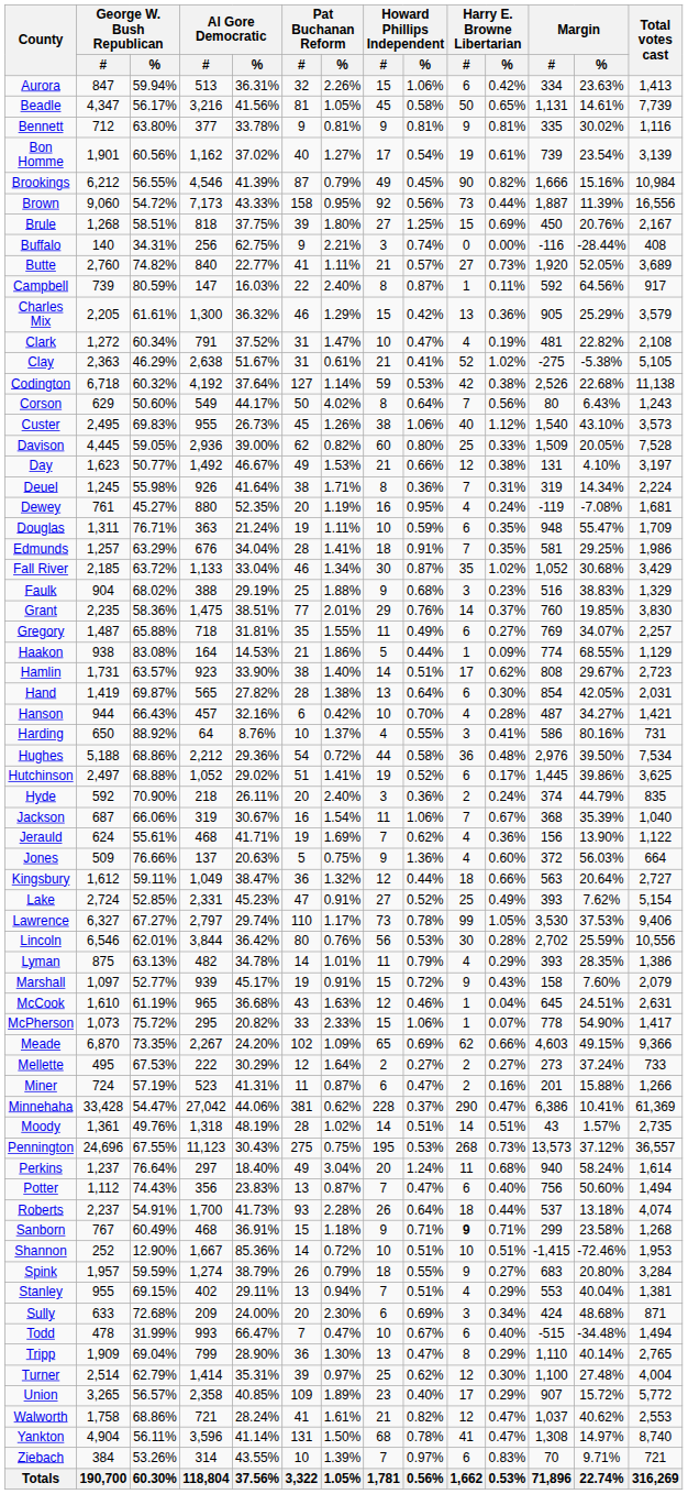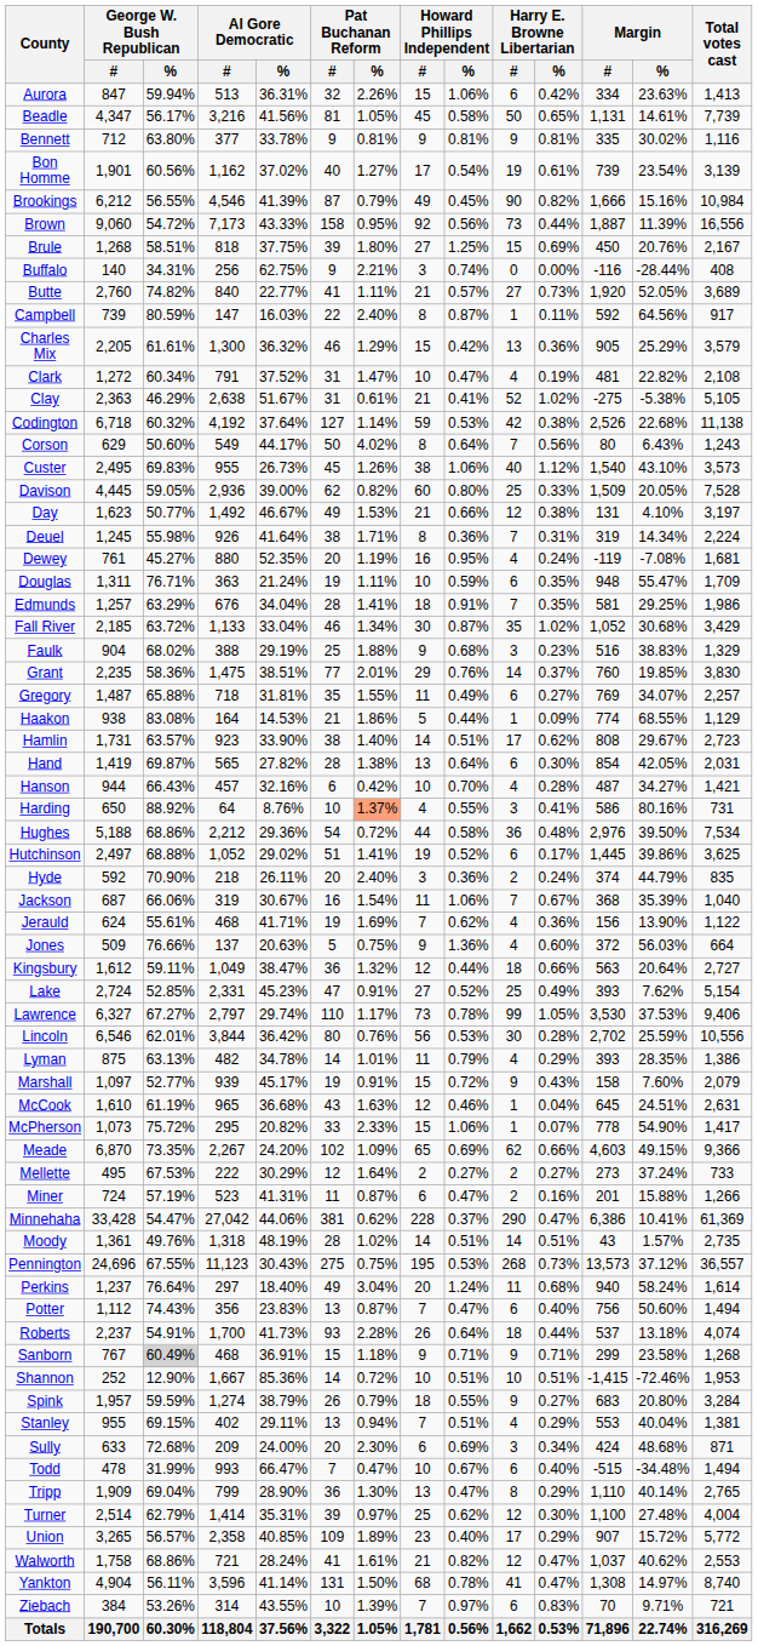 <table width="60%" class="wikitable sortable">
 <tr>
 <th rowspan="2">County</th>
 <th colspan="2">George W. Bush<br>Republican</th>
 <th colspan="2">Al Gore<br>Democratic</th>
 <th colspan="2">Pat Buchanan<br>Reform</th>
 <th colspan="2">Howard Phillips<br>Independent</th>
 <th colspan="2">Harry E. Browne<br>Libertarian</th>
 <th colspan="2">Margin</th>
 <th rowspan="2">Total votes cast</th>
 </tr>
 <tr style="text-align:center;">
 <th data-sort-type="number">#</th>
 <th data-sort-type="number">%</th>
 <th data-sort-type="number">#</th>
 <th data-sort-type="number">%</th>
 <th data-sort-type="number">#</th>
 <th data-sort-type="number">%</th>
 <th data-sort-type="number">#</th>
 <th data-sort-type="number">%</th>
 <th data-sort-type="number">#</th>
 <th data-sort-type="number">%</th>
 <th data-sort-type="number">#</th>
 <th data-sort-type="number">%</th>
 </tr>
 <tr style="text-align:center;">
 <td><a href='#'>Aurora</a></td>
 <td>847</td>
 <td>59.94%</td>
 <td>513</td>
 <td>36.31%</td>
 <td>32</td>
 <td>2.26%</td>
 <td>15</td>
 <td>1.06%</td>
 <td>6</td>
 <td>0.42%</td>
 <td>334</td>
 <td>23.63%</td>
 <td>1,413</td>
 </tr>
 <tr style="text-align:center;">
 <td><a href='#'>Beadle</a></td>
 <td>4,347</td>
 <td>56.17%</td>
 <td>3,216</td>
 <td>41.56%</td>
 <td>81</td>
 <td>1.05%</td>
 <td>45</td>
 <td>0.58%</td>
 <td>50</td>
 <td>0.65%</td>
 <td>1,131</td>
 <td>14.61%</td>
 <td>7,739</td>
 </tr>
 <tr style="text-align:center;">
 <td><a href='#'>Bennett</a></td>
 <td>712</td>
 <td>63.80%</td>
 <td>377</td>
 <td>33.78%</td>
 <td>9</td>
 <td>0.81%</td>
 <td>9</td>
 <td>0.81%</td>
 <td>9</td>
 <td>0.81%</td>
 <td>335</td>
 <td>30.02%</td>
 <td>1,116</td>
 </tr>
 <tr style="text-align:center;">
 <td><a href='#'>Bon Homme</a></td>
 <td>1,901</td>
 <td>60.56%</td>
 <td>1,162</td>
 <td>37.02%</td>
 <td>40</td>
 <td>1.27%</td>
 <td>17</td>
 <td>0.54%</td>
 <td>19</td>
 <td>0.61%</td>
 <td>739</td>
 <td>23.54%</td>
 <td>3,139</td>
 </tr>
 <tr style="text-align:center;">
 <td><a href='#'>Brookings</a></td>
 <td>6,212</td>
 <td>56.55%</td>
 <td>4,546</td>
 <td>41.39%</td>
 <td>87</td>
 <td>0.79%</td>
 <td>49</td>
 <td>0.45%</td>
 <td>90</td>
 <td>0.82%</td>
 <td>1,666</td>
 <td>15.16%</td>
 <td>10,984</td>
 </tr>
 <tr style="text-align:center;">
 <td><a href='#'>Brown</a></td>
 <td>9,060</td>
 <td>54.72%</td>
 <td>7,173</td>
 <td>43.33%</td>
 <td>158</td>
 <td>0.95%</td>
 <td>92</td>
 <td>0.56%</td>
 <td>73</td>
 <td>0.44%</td>
 <td>1,887</td>
 <td>11.39%</td>
 <td>16,556</td>
 </tr>
 <tr style="text-align:center;">
 <td><a href='#'>Brule</a></td>
 <td>1,268</td>
 <td>58.51%</td>
 <td>818</td>
 <td>37.75%</td>
 <td>39</td>
 <td>1.80%</td>
 <td>27</td>
 <td>1.25%</td>
 <td>15</td>
 <td>0.69%</td>
 <td>450</td>
 <td>20.76%</td>
 <td>2,167</td>
 </tr>
 <tr style="text-align:center;">
 <td><a href='#'>Buffalo</a></td>
 <td>140</td>
 <td>34.31%</td>
 <td>256</td>
 <td>62.75%</td>
 <td>9</td>
 <td>2.21%</td>
 <td>3</td>
 <td>0.74%</td>
 <td>0</td>
 <td>0.00%</td>
 <td>-116</td>
 <td>-28.44%</td>
 <td>408</td>
 </tr>
 <tr style="text-align:center;">
 <td><a href='#'>Butte</a></td>
 <td>2,760</td>
 <td>74.82%</td>
 <td>840</td>
 <td>22.77%</td>
 <td>41</td>
 <td>1.11%</td>
 <td>21</td>
 <td>0.57%</td>
 <td>27</td>
 <td>0.73%</td>
 <td>1,920</td>
 <td>52.05%</td>
 <td>3,689</td>
 </tr>
 <tr style="text-align:center;">
 <td><a href='#'>Campbell</a></td>
 <td>739</td>
 <td>80.59%</td>
 <td>147</td>
 <td>16.03%</td>
 <td>22</td>
 <td>2.40%</td>
 <td>8</td>
 <td>0.87%</td>
 <td>1</td>
 <td>0.11%</td>
 <td>592</td>
 <td>64.56%</td>
 <td>917</td>
 </tr>
 <tr style="text-align:center;">
 <td><a href='#'>Charles Mix</a></td>
 <td>2,205</td>
 <td>61.61%</td>
 <td>1,300</td>
 <td>36.32%</td>
 <td>46</td>
 <td>1.29%</td>
 <td>15</td>
 <td>0.42%</td>
 <td>13</td>
 <td>0.36%</td>
 <td>905</td>
 <td>25.29%</td>
 <td>3,579</td>
 </tr>
 <tr style="text-align:center;">
 <td><a href='#'>Clark</a></td>
 <td>1,272</td>
 <td>60.34%</td>
 <td>791</td>
 <td>37.52%</td>
 <td>31</td>
 <td>1.47%</td>
 <td>10</td>
 <td>0.47%</td>
 <td>4</td>
 <td>0.19%</td>
 <td>481</td>
 <td>22.82%</td>
 <td>2,108</td>
 </tr>
 <tr style="text-align:center;">
 <td><a href='#'>Clay</a></td>
 <td>2,363</td>
 <td>46.29%</td>
 <td>2,638</td>
 <td>51.67%</td>
 <td>31</td>
 <td>0.61%</td>
 <td>21</td>
 <td>0.41%</td>
 <td>52</td>
 <td>1.02%</td>
 <td>-275</td>
 <td>-5.38%</td>
 <td>5,105</td>
 </tr>
 <tr style="text-align:center;">
 <td><a href='#'>Codington</a></td>
 <td>6,718</td>
 <td>60.32%</td>
 <td>4,192</td>
 <td>37.64%</td>
 <td>127</td>
 <td>1.14%</td>
 <td>59</td>
 <td>0.53%</td>
 <td>42</td>
 <td>0.38%</td>
 <td>2,526</td>
 <td>22.68%</td>
 <td>11,138</td>
 </tr>
 <tr style="text-align:center;">
 <td><a href='#'>Corson</a></td>
 <td>629</td>
 <td>50.60%</td>
 <td>549</td>
 <td>44.17%</td>
 <td>50</td>
 <td>4.02%</td>
 <td>8</td>
 <td>0.64%</td>
 <td>7</td>
 <td>0.56%</td>
 <td>80</td>
 <td>6.43%</td>
 <td>1,243</td>
 </tr>
 <tr style="text-align:center;">
 <td><a href='#'>Custer</a></td>
 <td>2,495</td>
 <td>69.83%</td>
 <td>955</td>
 <td>26.73%</td>
 <td>45</td>
 <td>1.26%</td>
 <td>38</td>
 <td>1.06%</td>
 <td>40</td>
 <td>1.12%</td>
 <td>1,540</td>
 <td>43.10%</td>
 <td>3,573</td>
 </tr>
 <tr style="text-align:center;">
 <td><a href='#'>Davison</a></td>
 <td>4,445</td>
 <td>59.05%</td>
 <td>2,936</td>
 <td>39.00%</td>
 <td>62</td>
 <td>0.82%</td>
 <td>60</td>
 <td>0.80%</td>
 <td>25</td>
 <td>0.33%</td>
 <td>1,509</td>
 <td>20.05%</td>
 <td>7,528</td>
 </tr>
 <tr style="text-align:center;">
 <td><a href='#'>Day</a></td>
 <td>1,623</td>
 <td>50.77%</td>
 <td>1,492</td>
 <td>46.67%</td>
 <td>49</td>
 <td>1.53%</td>
 <td>21</td>
 <td>0.66%</td>
 <td>12</td>
 <td>0.38%</td>
 <td>131</td>
 <td>4.10%</td>
 <td>3,197</td>
 </tr>
 <tr style="text-align:center;">
 <td><a href='#'>Deuel</a></td>
 <td>1,245</td>
 <td>55.98%</td>
 <td>926</td>
 <td>41.64%</td>
 <td>38</td>
 <td>1.71%</td>
 <td>8</td>
 <td>0.36%</td>
 <td>7</td>
 <td>0.31%</td>
 <td>319</td>
 <td>14.34%</td>
 <td>2,224</td>
 </tr>
 <tr style="text-align:center;">
 <td><a href='#'>Dewey</a></td>
 <td>761</td>
 <td>45.27%</td>
 <td>880</td>
 <td>52.35%</td>
 <td>20</td>
 <td>1.19%</td>
 <td>16</td>
 <td>0.95%</td>
 <td>4</td>
 <td>0.24%</td>
 <td>-119</td>
 <td>-7.08%</td>
 <td>1,681</td>
 </tr>
 <tr style="text-align:center;">
 <td><a href='#'>Douglas</a></td>
 <td>1,311</td>
 <td>76.71%</td>
 <td>363</td>
 <td>21.24%</td>
 <td>19</td>
 <td>1.11%</td>
 <td>10</td>
 <td>0.59%</td>
 <td>6</td>
 <td>0.35%</td>
 <td>948</td>
 <td>55.47%</td>
 <td>1,709</td>
 </tr>
 <tr style="text-align:center;">
 <td><a href='#'>Edmunds</a></td>
 <td>1,257</td>
 <td>63.29%</td>
 <td>676</td>
 <td>34.04%</td>
 <td>28</td>
 <td>1.41%</td>
 <td>18</td>
 <td>0.91%</td>
 <td>7</td>
 <td>0.35%</td>
 <td>581</td>
 <td>29.25%</td>
 <td>1,986</td>
 </tr>
 <tr style="text-align:center;">
 <td><a href='#'>Fall River</a></td>
 <td>2,185</td>
 <td>63.72%</td>
 <td>1,133</td>
 <td>33.04%</td>
 <td>46</td>
 <td>1.34%</td>
 <td>30</td>
 <td>0.87%</td>
 <td>35</td>
 <td>1.02%</td>
 <td>1,052</td>
 <td>30.68%</td>
 <td>3,429</td>
 </tr>
 <tr style="text-align:center;">
 <td><a href='#'>Faulk</a></td>
 <td>904</td>
 <td>68.02%</td>
 <td>388</td>
 <td>29.19%</td>
 <td>25</td>
 <td>1.88%</td>
 <td>9</td>
 <td>0.68%</td>
 <td>3</td>
 <td>0.23%</td>
 <td>516</td>
 <td>38.83%</td>
 <td>1,329</td>
 </tr>
 <tr style="text-align:center;">
 <td><a href='#'>Grant</a></td>
 <td>2,235</td>
 <td>58.36%</td>
 <td>1,475</td>
 <td>38.51%</td>
 <td>77</td>
 <td>2.01%</td>
 <td>29</td>
 <td>0.76%</td>
 <td>14</td>
 <td>0.37%</td>
 <td>760</td>
 <td>19.85%</td>
 <td>3,830</td>
 </tr>
 <tr style="text-align:center;">
 <td><a href='#'>Gregory</a></td>
 <td>1,487</td>
 <td>65.88%</td>
 <td>718</td>
 <td>31.81%</td>
 <td>35</td>
 <td>1.55%</td>
 <td>11</td>
 <td>0.49%</td>
 <td>6</td>
 <td>0.27%</td>
 <td>769</td>
 <td>34.07%</td>
 <td>2,257</td>
 </tr>
 <tr style="text-align:center;">
 <td><a href='#'>Haakon</a></td>
 <td>938</td>
 <td>83.08%</td>
 <td>164</td>
 <td>14.53%</td>
 <td>21</td>
 <td>1.86%</td>
 <td>5</td>
 <td>0.44%</td>
 <td>1</td>
 <td>0.09%</td>
 <td>774</td>
 <td>68.55%</td>
 <td>1,129</td>
 </tr>
 <tr style="text-align:center;">
 <td><a href='#'>Hamlin</a></td>
 <td>1,731</td>
 <td>63.57%</td>
 <td>923</td>
 <td>33.90%</td>
 <td>38</td>
 <td>1.40%</td>
 <td>14</td>
 <td>0.51%</td>
 <td>17</td>
 <td>0.62%</td>
 <td>808</td>
 <td>29.67%</td>
 <td>2,723</td>
 </tr>
 <tr style="text-align:center;">
 <td><a href='#'>Hand</a></td>
 <td>1,419</td>
 <td>69.87%</td>
 <td>565</td>
 <td>27.82%</td>
 <td>28</td>
 <td>1.38%</td>
 <td>13</td>
 <td>0.64%</td>
 <td>6</td>
 <td>0.30%</td>
 <td>854</td>
 <td>42.05%</td>
 <td>2,031</td>
 </tr>
 <tr style="text-align:center;">
 <td><a href='#'>Hanson</a></td>
 <td>944</td>
 <td>66.43%</td>
 <td>457</td>
 <td>32.16%</td>
 <td>6</td>
 <td>0.42%</td>
 <td>10</td>
 <td>0.70%</td>
 <td>4</td>
 <td>0.28%</td>
 <td>487</td>
 <td>34.27%</td>
 <td>1,421</td>
 </tr>
 <tr style="text-align:center;">
 <td><a href='#'>Harding</a></td>
 <td>650</td>
 <td>88.92%</td>
 <td>64</td>
 <td>8.76%</td>
 <td>10</td>
-<td>1.37%</td>
+<td style="background: lightsalmon;">1.37%</td>
 <td>4</td>
 <td>0.55%</td>
 <td>3</td>
 <td>0.41%</td>
 <td>586</td>
 <td>80.16%</td>
 <td>731</td>
 </tr>
 <tr style="text-align:center;">
 <td><a href='#'>Hughes</a></td>
 <td>5,188</td>
 <td>68.86%</td>
 <td>2,212</td>
 <td>29.36%</td>
 <td>54</td>
 <td>0.72%</td>
 <td>44</td>
 <td>0.58%</td>
 <td>36</td>
 <td>0.48%</td>
 <td>2,976</td>
 <td>39.50%</td>
 <td>7,534</td>
 </tr>
 <tr style="text-align:center;">
 <td><a href='#'>Hutchinson</a></td>
 <td>2,497</td>
 <td>68.88%</td>
 <td>1,052</td>
 <td>29.02%</td>
 <td>51</td>
 <td>1.41%</td>
 <td>19</td>
 <td>0.52%</td>
 <td>6</td>
 <td>0.17%</td>
 <td>1,445</td>
 <td>39.86%</td>
 <td>3,625</td>
 </tr>
 <tr style="text-align:center;">
 <td><a href='#'>Hyde</a></td>
 <td>592</td>
 <td>70.90%</td>
 <td>218</td>
 <td>26.11%</td>
 <td>20</td>
 <td>2.40%</td>
 <td>3</td>
 <td>0.36%</td>
 <td>2</td>
 <td>0.24%</td>
 <td>374</td>
 <td>44.79%</td>
 <td>835</td>
 </tr>
 <tr style="text-align:center;">
 <td><a href='#'>Jackson</a></td>
 <td>687</td>
 <td>66.06%</td>
 <td>319</td>
 <td>30.67%</td>
 <td>16</td>
 <td>1.54%</td>
 <td>11</td>
 <td>1.06%</td>
 <td>7</td>
 <td>0.67%</td>
 <td>368</td>
 <td>35.39%</td>
 <td>1,040</td>
 </tr>
 <tr style="text-align:center;">
 <td><a href='#'>Jerauld</a></td>
 <td>624</td>
 <td>55.61%</td>
 <td>468</td>
 <td>41.71%</td>
 <td>19</td>
 <td>1.69%</td>
 <td>7</td>
 <td>0.62%</td>
 <td>4</td>
 <td>0.36%</td>
 <td>156</td>
 <td>13.90%</td>
 <td>1,122</td>
 </tr>
 <tr style="text-align:center;">
 <td><a href='#'>Jones</a></td>
 <td>509</td>
 <td>76.66%</td>
 <td>137</td>
 <td>20.63%</td>
 <td>5</td>
 <td>0.75%</td>
 <td>9</td>
 <td>1.36%</td>
 <td>4</td>
 <td>0.60%</td>
 <td>372</td>
 <td>56.03%</td>
 <td>664</td>
 </tr>
 <tr style="text-align:center;">
 <td><a href='#'>Kingsbury</a></td>
 <td>1,612</td>
 <td>59.11%</td>
 <td>1,049</td>
 <td>38.47%</td>
 <td>36</td>
 <td>1.32%</td>
 <td>12</td>
 <td>0.44%</td>
 <td>18</td>
 <td>0.66%</td>
 <td>563</td>
 <td>20.64%</td>
 <td>2,727</td>
 </tr>
 <tr style="text-align:center;">
 <td><a href='#'>Lake</a></td>
 <td>2,724</td>
 <td>52.85%</td>
 <td>2,331</td>
 <td>45.23%</td>
 <td>47</td>
 <td>0.91%</td>
 <td>27</td>
 <td>0.52%</td>
 <td>25</td>
 <td>0.49%</td>
 <td>393</td>
 <td>7.62%</td>
 <td>5,154</td>
 </tr>
 <tr style="text-align:center;">
 <td><a href='#'>Lawrence</a></td>
 <td>6,327</td>
 <td>67.27%</td>
 <td>2,797</td>
 <td>29.74%</td>
 <td>110</td>
 <td>1.17%</td>
 <td>73</td>
 <td>0.78%</td>
 <td>99</td>
 <td>1.05%</td>
 <td>3,530</td>
 <td>37.53%</td>
 <td>9,406</td>
 </tr>
 <tr style="text-align:center;">
 <td><a href='#'>Lincoln</a></td>
 <td>6,546</td>
 <td>62.01%</td>
 <td>3,844</td>
 <td>36.42%</td>
 <td>80</td>
 <td>0.76%</td>
 <td>56</td>
 <td>0.53%</td>
 <td>30</td>
 <td>0.28%</td>
 <td>2,702</td>
 <td>25.59%</td>
 <td>10,556</td>
 </tr>
 <tr style="text-align:center;">
 <td><a href='#'>Lyman</a></td>
 <td>875</td>
 <td>63.13%</td>
 <td>482</td>
 <td>34.78%</td>
 <td>14</td>
 <td>1.01%</td>
 <td>11</td>
 <td>0.79%</td>
 <td>4</td>
 <td>0.29%</td>
 <td>393</td>
 <td>28.35%</td>
 <td>1,386</td>
 </tr>
 <tr style="text-align:center;">
 <td><a href='#'>Marshall</a></td>
 <td>1,097</td>
 <td>52.77%</td>
 <td>939</td>
 <td>45.17%</td>
 <td>19</td>
 <td>0.91%</td>
 <td>15</td>
 <td>0.72%</td>
 <td>9</td>
 <td>0.43%</td>
 <td>158</td>
 <td>7.60%</td>
 <td>2,079</td>
 </tr>
 <tr style="text-align:center;">
 <td><a href='#'>McCook</a></td>
 <td>1,610</td>
 <td>61.19%</td>
 <td>965</td>
 <td>36.68%</td>
 <td>43</td>
 <td>1.63%</td>
 <td>12</td>
 <td>0.46%</td>
 <td>1</td>
 <td>0.04%</td>
 <td>645</td>
 <td>24.51%</td>
 <td>2,631</td>
 </tr>
 <tr style="text-align:center;">
 <td><a href='#'>McPherson</a></td>
 <td>1,073</td>
 <td>75.72%</td>
 <td>295</td>
 <td>20.82%</td>
 <td>33</td>
 <td>2.33%</td>
 <td>15</td>
 <td>1.06%</td>
 <td>1</td>
 <td>0.07%</td>
 <td>778</td>
 <td>54.90%</td>
 <td>1,417</td>
 </tr>
 <tr style="text-align:center;">
 <td><a href='#'>Meade</a></td>
 <td>6,870</td>
 <td>73.35%</td>
 <td>2,267</td>
 <td>24.20%</td>
 <td>102</td>
 <td>1.09%</td>
 <td>65</td>
 <td>0.69%</td>
 <td>62</td>
 <td>0.66%</td>
 <td>4,603</td>
 <td>49.15%</td>
 <td>9,366</td>
 </tr>
 <tr style="text-align:center;">
 <td><a href='#'>Mellette</a></td>
 <td>495</td>
 <td>67.53%</td>
 <td>222</td>
 <td>30.29%</td>
 <td>12</td>
 <td>1.64%</td>
 <td>2</td>
 <td>0.27%</td>
 <td>2</td>
 <td>0.27%</td>
 <td>273</td>
 <td>37.24%</td>
 <td>733</td>
 </tr>
 <tr style="text-align:center;">
 <td><a href='#'>Miner</a></td>
 <td>724</td>
 <td>57.19%</td>
 <td>523</td>
 <td>41.31%</td>
 <td>11</td>
 <td>0.87%</td>
 <td>6</td>
 <td>0.47%</td>
 <td>2</td>
 <td>0.16%</td>
 <td>201</td>
 <td>15.88%</td>
 <td>1,266</td>
 </tr>
 <tr style="text-align:center;">
 <td><a href='#'>Minnehaha</a></td>
 <td>33,428</td>
 <td>54.47%</td>
 <td>27,042</td>
 <td>44.06%</td>
 <td>381</td>
 <td>0.62%</td>
 <td>228</td>
 <td>0.37%</td>
 <td>290</td>
 <td>0.47%</td>
 <td>6,386</td>
 <td>10.41%</td>
 <td>61,369</td>
 </tr>
 <tr style="text-align:center;">
 <td><a href='#'>Moody</a></td>
 <td>1,361</td>
 <td>49.76%</td>
 <td>1,318</td>
 <td>48.19%</td>
 <td>28</td>
 <td>1.02%</td>
 <td>14</td>
 <td>0.51%</td>
 <td>14</td>
 <td>0.51%</td>
 <td>43</td>
 <td>1.57%</td>
 <td>2,735</td>
 </tr>
 <tr style="text-align:center;">
 <td><a href='#'>Pennington</a></td>
 <td>24,696</td>
 <td>67.55%</td>
 <td>11,123</td>
 <td>30.43%</td>
 <td>275</td>
 <td>0.75%</td>
 <td>195</td>
 <td>0.53%</td>
 <td>268</td>
 <td>0.73%</td>
 <td>13,573</td>
 <td>37.12%</td>
 <td>36,557</td>
 </tr>
 <tr style="text-align:center;">
 <td><a href='#'>Perkins</a></td>
 <td>1,237</td>
 <td>76.64%</td>
 <td>297</td>
 <td>18.40%</td>
 <td>49</td>
 <td>3.04%</td>
 <td>20</td>
 <td>1.24%</td>
 <td>11</td>
 <td>0.68%</td>
 <td>940</td>
 <td>58.24%</td>
 <td>1,614</td>
 </tr>
 <tr style="text-align:center;">
 <td><a href='#'>Potter</a></td>
 <td>1,112</td>
 <td>74.43%</td>
 <td>356</td>
 <td>23.83%</td>
 <td>13</td>
 <td>0.87%</td>
 <td>7</td>
 <td>0.47%</td>
 <td>6</td>
 <td>0.40%</td>
 <td>756</td>
 <td>50.60%</td>
 <td>1,494</td>
 </tr>
 <tr style="text-align:center;">
 <td><a href='#'>Roberts</a></td>
 <td>2,237</td>
 <td>54.91%</td>
 <td>1,700</td>
 <td>41.73%</td>
 <td>93</td>
 <td>2.28%</td>
 <td>26</td>
 <td>0.64%</td>
 <td>18</td>
 <td>0.44%</td>
 <td>537</td>
 <td>13.18%</td>
 <td>4,074</td>
 </tr>
 <tr style="text-align:center;">
 <td><a href='#'>Sanborn</a></td>
 <td>767</td>
-<td>60.49%</td>
+<td style="background: lightgrey;">60.49%</td>
 <td>468</td>
 <td>36.91%</td>
 <td>15</td>
 <td>1.18%</td>
 <td>9</td>
 <td>0.71%</td>
-<td><strong>9</strong></td>
+<td>9</td>
 <td>0.71%</td>
 <td>299</td>
 <td>23.58%</td>
 <td>1,268</td>
 </tr>
 <tr style="text-align:center;">
 <td><a href='#'>Shannon</a></td>
 <td>252</td>
 <td>12.90%</td>
 <td>1,667</td>
 <td>85.36%</td>
 <td>14</td>
 <td>0.72%</td>
 <td>10</td>
 <td>0.51%</td>
 <td>10</td>
 <td>0.51%</td>
 <td>-1,415</td>
 <td>-72.46%</td>
 <td>1,953</td>
 </tr>
 <tr style="text-align:center;">
 <td><a href='#'>Spink</a></td>
 <td>1,957</td>
 <td>59.59%</td>
 <td>1,274</td>
 <td>38.79%</td>
 <td>26</td>
 <td>0.79%</td>
 <td>18</td>
 <td>0.55%</td>
 <td>9</td>
 <td>0.27%</td>
 <td>683</td>
 <td>20.80%</td>
 <td>3,284</td>
 </tr>
 <tr style="text-align:center;">
 <td><a href='#'>Stanley</a></td>
 <td>955</td>
 <td>69.15%</td>
 <td>402</td>
 <td>29.11%</td>
 <td>13</td>
 <td>0.94%</td>
 <td>7</td>
 <td>0.51%</td>
 <td>4</td>
 <td>0.29%</td>
 <td>553</td>
 <td>40.04%</td>
 <td>1,381</td>
 </tr>
 <tr style="text-align:center;">
 <td><a href='#'>Sully</a></td>
 <td>633</td>
 <td>72.68%</td>
 <td>209</td>
 <td>24.00%</td>
 <td>20</td>
 <td>2.30%</td>
 <td>6</td>
 <td>0.69%</td>
 <td>3</td>
 <td>0.34%</td>
 <td>424</td>
 <td>48.68%</td>
 <td>871</td>
 </tr>
 <tr style="text-align:center;">
 <td><a href='#'>Todd</a></td>
 <td>478</td>
 <td>31.99%</td>
 <td>993</td>
 <td>66.47%</td>
 <td>7</td>
 <td>0.47%</td>
 <td>10</td>
 <td>0.67%</td>
 <td>6</td>
 <td>0.40%</td>
 <td>-515</td>
 <td>-34.48%</td>
 <td>1,494</td>
 </tr>
 <tr style="text-align:center;">
 <td><a href='#'>Tripp</a></td>
 <td>1,909</td>
 <td>69.04%</td>
 <td>799</td>
 <td>28.90%</td>
 <td>36</td>
 <td>1.30%</td>
 <td>13</td>
 <td>0.47%</td>
 <td>8</td>
 <td>0.29%</td>
 <td>1,110</td>
 <td>40.14%</td>
 <td>2,765</td>
 </tr>
 <tr style="text-align:center;">
 <td><a href='#'>Turner</a></td>
 <td>2,514</td>
 <td>62.79%</td>
 <td>1,414</td>
 <td>35.31%</td>
 <td>39</td>
 <td>0.97%</td>
 <td>25</td>
 <td>0.62%</td>
 <td>12</td>
 <td>0.30%</td>
 <td>1,100</td>
 <td>27.48%</td>
 <td>4,004</td>
 </tr>
 <tr style="text-align:center;">
 <td><a href='#'>Union</a></td>
 <td>3,265</td>
 <td>56.57%</td>
 <td>2,358</td>
 <td>40.85%</td>
 <td>109</td>
 <td>1.89%</td>
 <td>23</td>
 <td>0.40%</td>
 <td>17</td>
 <td>0.29%</td>
 <td>907</td>
 <td>15.72%</td>
 <td>5,772</td>
 </tr>
 <tr style="text-align:center;">
 <td><a href='#'>Walworth</a></td>
 <td>1,758</td>
 <td>68.86%</td>
 <td>721</td>
 <td>28.24%</td>
 <td>41</td>
 <td>1.61%</td>
 <td>21</td>
 <td>0.82%</td>
 <td>12</td>
 <td>0.47%</td>
 <td>1,037</td>
 <td>40.62%</td>
 <td>2,553</td>
 </tr>
 <tr style="text-align:center;">
 <td><a href='#'>Yankton</a></td>
 <td>4,904</td>
 <td>56.11%</td>
 <td>3,596</td>
 <td>41.14%</td>
 <td>131</td>
 <td>1.50%</td>
 <td>68</td>
 <td>0.78%</td>
 <td>41</td>
 <td>0.47%</td>
 <td>1,308</td>
 <td>14.97%</td>
 <td>8,740</td>
 </tr>
 <tr style="text-align:center;">
 <td><a href='#'>Ziebach</a></td>
 <td>384</td>
 <td>53.26%</td>
 <td>314</td>
 <td>43.55%</td>
 <td>10</td>
 <td>1.39%</td>
 <td>7</td>
 <td>0.97%</td>
 <td>6</td>
 <td>0.83%</td>
 <td>70</td>
 <td>9.71%</td>
 <td>721</td>
 </tr>
 <tr style="text-align:center;">
 <th>Totals</th>
 <th>190,700</th>
 <th>60.30%</th>
 <th>118,804</th>
 <th>37.56%</th>
 <th>3,322</th>
 <th>1.05%</th>
 <th>1,781</th>
 <th>0.56%</th>
 <th>1,662</th>
 <th>0.53%</th>
 <th>71,896</th>
 <th>22.74%</th>
 <th>316,269</th>
 </tr>
 </table>
